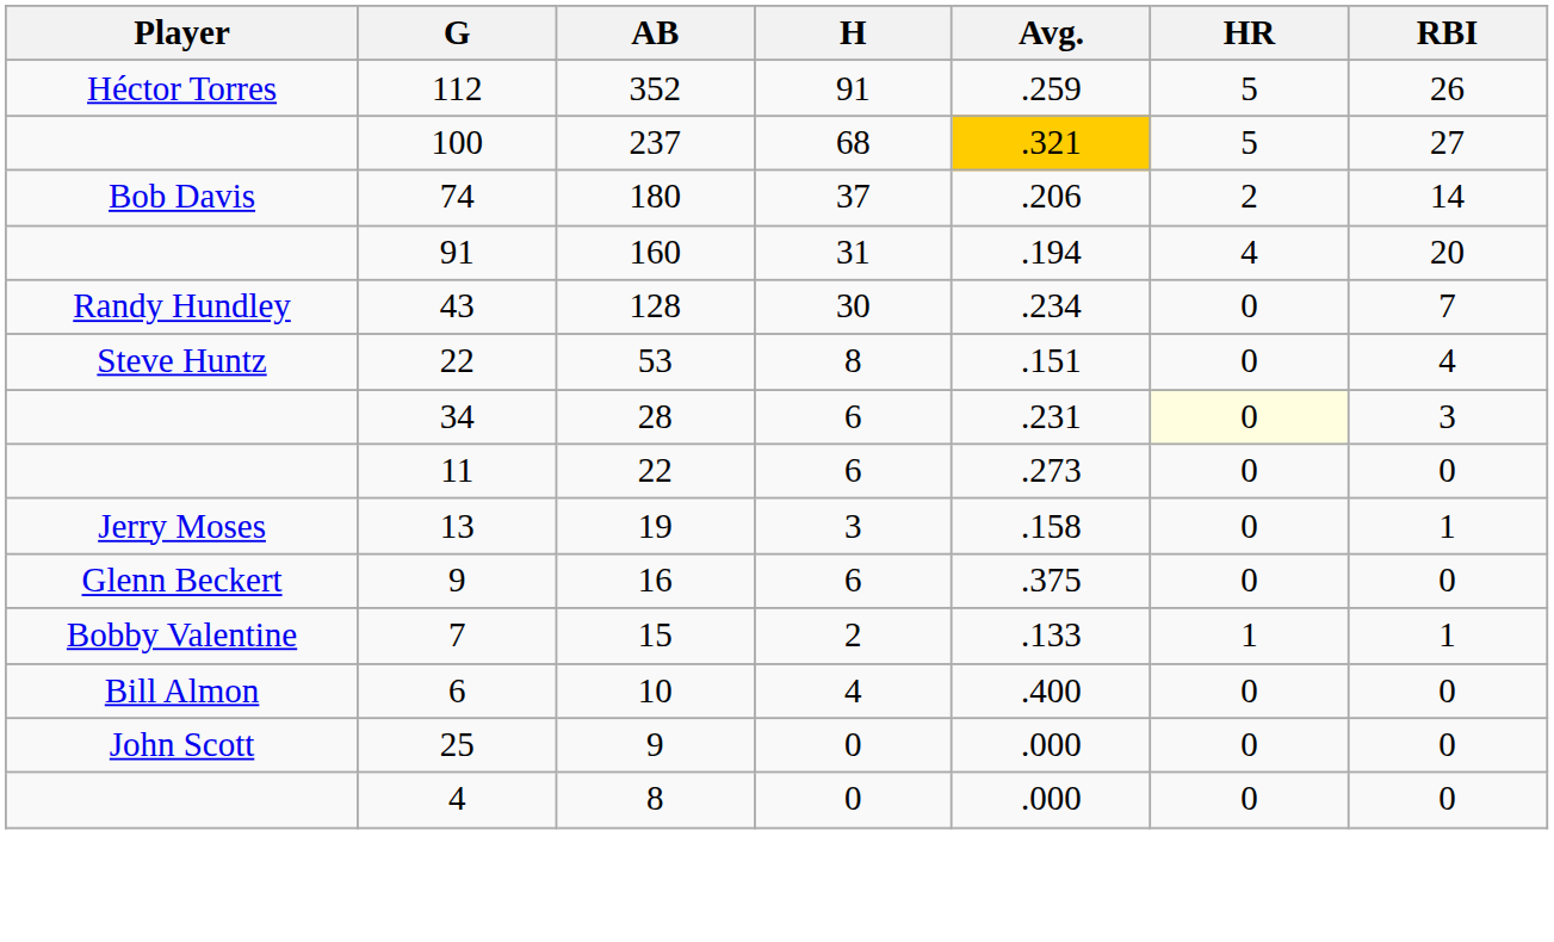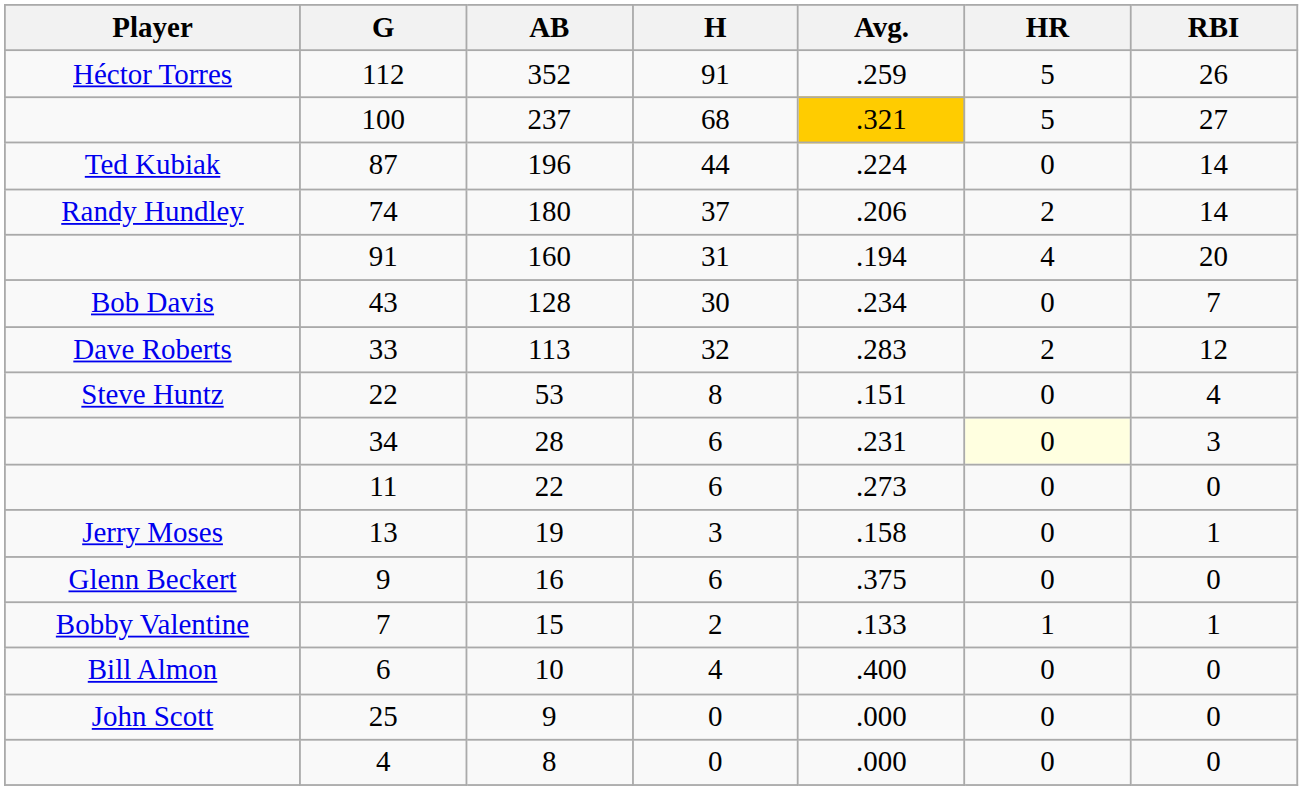 <table class="wikitable sortable">
 <tr>
 <th bgcolor="#DDDDFF" width="16%">Player</th>
 <th bgcolor="#DDDDFF" width="9%">G</th>
 <th bgcolor="#DDDDFF" width="9%">AB</th>
 <th bgcolor="#DDDDFF" width="9%">H</th>
 <th bgcolor="#DDDDFF" width="9%">Avg.</th>
 <th bgcolor="#DDDDFF" width="9%">HR</th>
 <th bgcolor="#DDDDFF" width="9%">RBI</th>
 </tr>
 <tr align="center">
 <td><a href='#'>Héctor Torres</a></td>
 <td>112</td>
 <td>352</td>
 <td>91</td>
 <td>.259</td>
 <td>5</td>
 <td>26</td>
 </tr>
 <tr align=center>
 <td></td>
 <td>100</td>
 <td>237</td>
 <td>68</td>
 <td style="background:#fc0;">.321</td>
 <td>5</td>
 <td>27</td>
 </tr>
+<tr align="center">
+<td><a href='#'>Ted Kubiak</a></td>
+<td>87</td>
+<td>196</td>
+<td>44</td>
+<td>.224</td>
+<td>0</td>
+<td>14</td>
+</tr>
 <tr align=center>
-<td><a href='#'>Bob Davis</a></td>
+<td><a href='#'>Randy Hundley</a></td>
 <td>74</td>
 <td>180</td>
 <td>37</td>
 <td>.206</td>
 <td>2</td>
 <td>14</td>
 </tr>
 <tr align=center>
 <td></td>
 <td>91</td>
 <td>160</td>
 <td>31</td>
 <td>.194</td>
 <td>4</td>
 <td>20</td>
 </tr>
 <tr align="center">
-<td><a href='#'>Randy Hundley</a></td>
+<td><a href='#'>Bob Davis</a></td>
 <td>43</td>
 <td>128</td>
 <td>30</td>
 <td>.234</td>
 <td>0</td>
 <td>7</td>
+</tr>
+<tr align=center>
+<td><a href='#'>Dave Roberts</a></td>
+<td>33</td>
+<td>113</td>
+<td>32</td>
+<td>.283</td>
+<td>2</td>
+<td>12</td>
 </tr>
 <tr align=center>
 <td><a href='#'>Steve Huntz</a></td>
 <td>22</td>
 <td>53</td>
 <td>8</td>
 <td>.151</td>
 <td>0</td>
 <td>4</td>
 </tr>
 <tr align=center>
 <td></td>
 <td>34</td>
 <td>28</td>
 <td>6</td>
 <td>.231</td>
 <td style="background: lightyellow;">0</td>
 <td>3</td>
 </tr>
 <tr align="center">
 <td></td>
 <td>11</td>
 <td>22</td>
 <td>6</td>
 <td>.273</td>
 <td>0</td>
 <td>0</td>
 </tr>
 <tr align="center">
 <td><a href='#'>Jerry Moses</a></td>
 <td>13</td>
 <td>19</td>
 <td>3</td>
 <td>.158</td>
 <td>0</td>
 <td>1</td>
 </tr>
 <tr align=center>
 <td><a href='#'>Glenn Beckert</a></td>
 <td>9</td>
 <td>16</td>
 <td>6</td>
 <td>.375</td>
 <td>0</td>
 <td>0</td>
 </tr>
 <tr align=center>
 <td><a href='#'>Bobby Valentine</a></td>
 <td>7</td>
 <td>15</td>
 <td>2</td>
 <td>.133</td>
 <td>1</td>
 <td>1</td>
 </tr>
 <tr align=center>
 <td><a href='#'>Bill Almon</a></td>
 <td>6</td>
 <td>10</td>
 <td>4</td>
 <td>.400</td>
 <td>0</td>
 <td>0</td>
 </tr>
 <tr align=center>
 <td><a href='#'>John Scott</a></td>
 <td>25</td>
 <td>9</td>
 <td>0</td>
 <td>.000</td>
 <td>0</td>
 <td>0</td>
 </tr>
 <tr align=center>
 <td></td>
 <td>4</td>
 <td>8</td>
 <td>0</td>
 <td>.000</td>
 <td>0</td>
 <td>0</td>
 </tr>
 </table>
